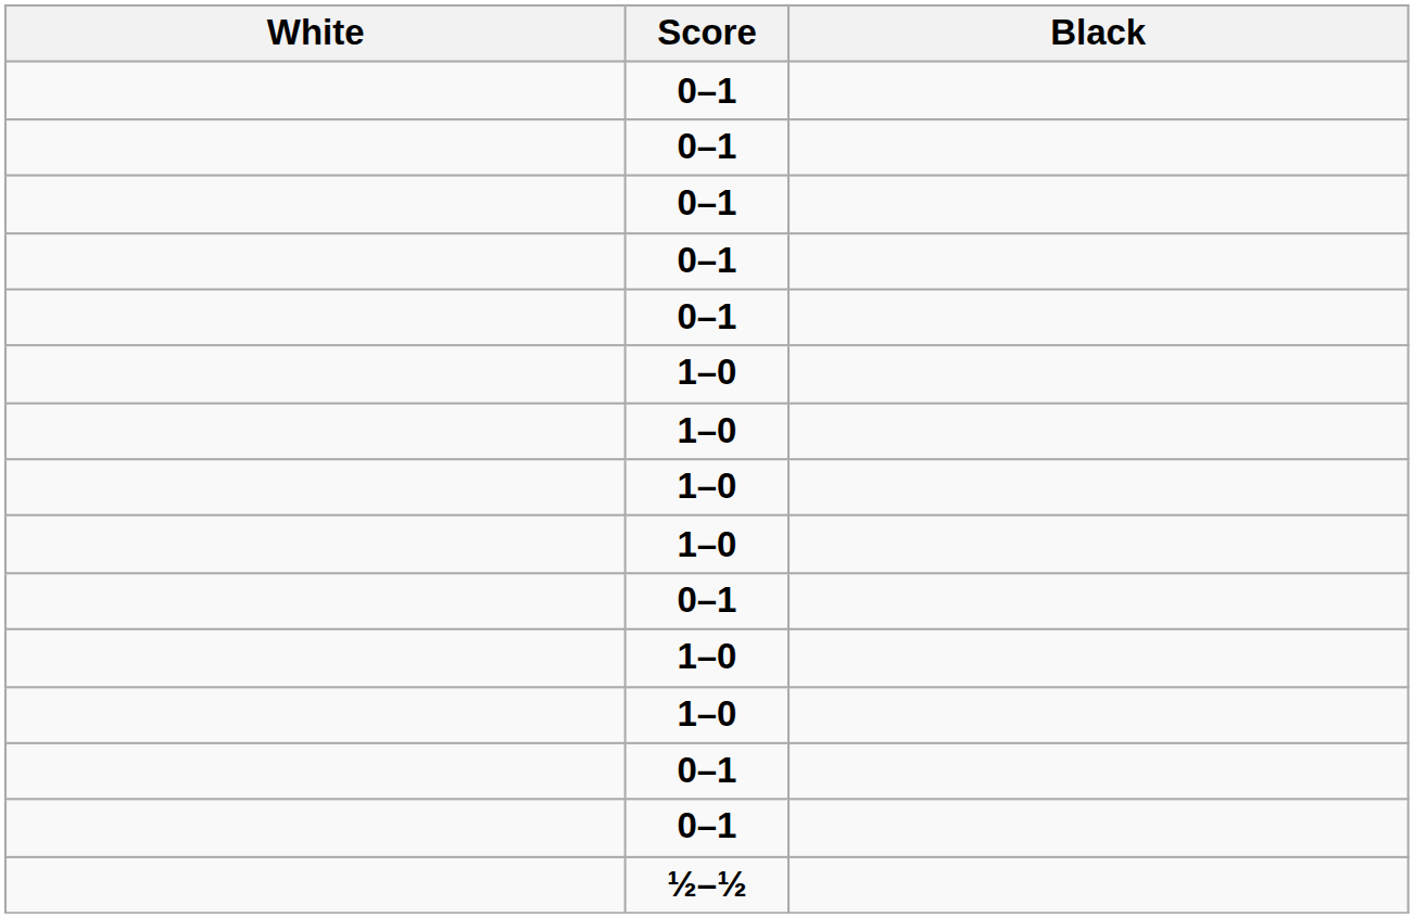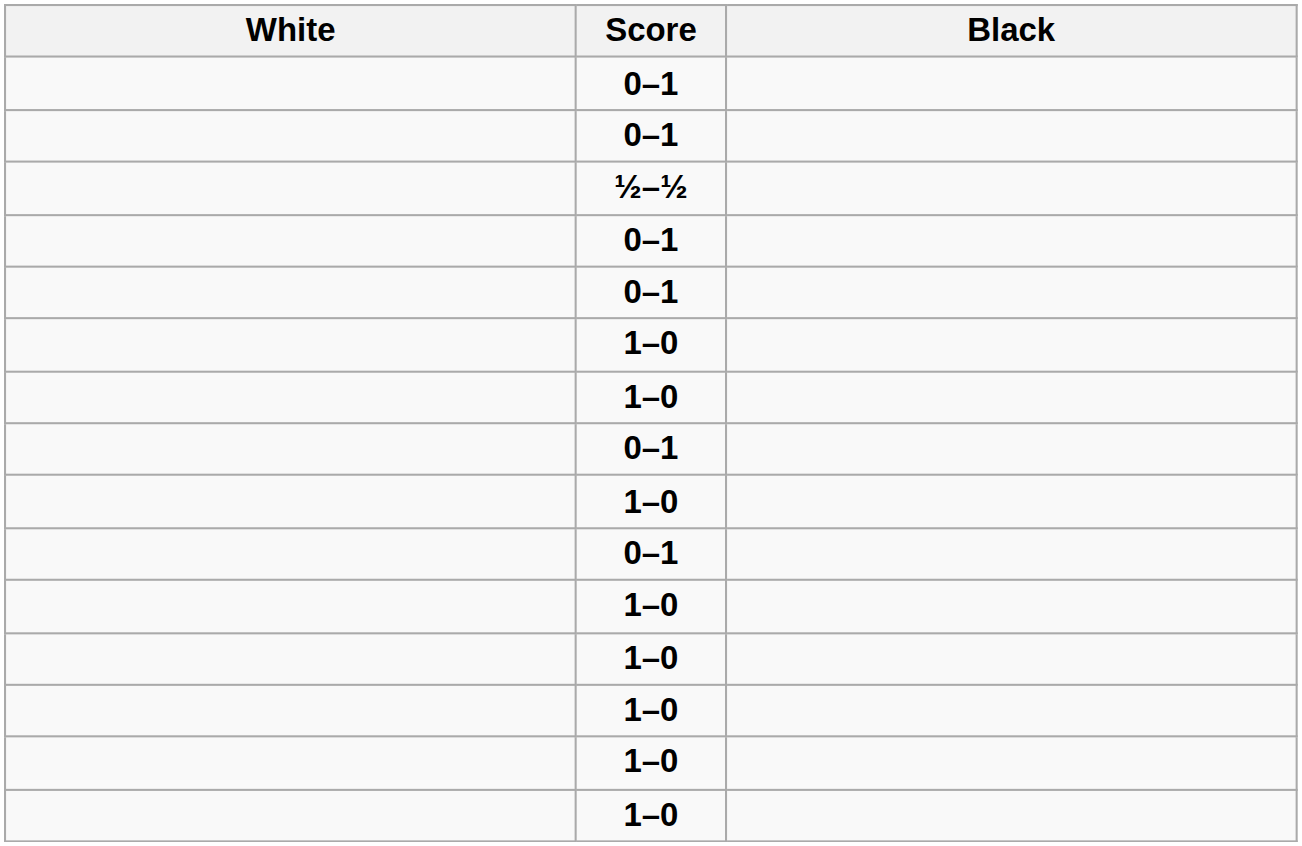 <table class="wikitable" style="text-align: center;">
 <tr>
 <th align="right" width="270">White</th>
 <th width="65">Score</th>
 <th align="left" width="270">Black</th>
 </tr>
 <tr>
 <td align=left></td>
 <td align=center><strong>0–1</strong></td>
 <td align=left><strong></strong></td>
 </tr>
 <tr>
 <td align=left></td>
 <td align=center><strong>0–1</strong></td>
 <td align=left></td>
 </tr>
 <tr>
 <td align=left></td>
-<td align=center><strong>0–1</strong></td>
+<td align=center><strong>½–½</strong></td>
 <td align=left><strong></strong></td>
 </tr>
 <tr>
 <td align=left></td>
 <td align=center><strong>0–1</strong></td>
 <td align=left><strong></strong></td>
 </tr>
 <tr>
 <td align=left></td>
 <td align=center><strong>0–1</strong></td>
 <td align=left><strong></strong></td>
 </tr>
 <tr>
 <td align=left></td>
 <td align=center><strong>1–0</strong></td>
 <td align=left><strong></strong></td>
 </tr>
 <tr>
 <td align=left><strong></strong></td>
 <td align=center><strong>1–0</strong></td>
 <td align=left></td>
 </tr>
 <tr>
 <td align=left></td>
-<td align=center><strong>1–0</strong></td>
+<td align=center><strong>0–1</strong></td>
 <td align=left><strong></strong></td>
 </tr>
 <tr>
 <td align=left><strong></strong></td>
 <td align=center><strong>1–0</strong></td>
 <td align=left></td>
 </tr>
 <tr>
 <td align=left></td>
 <td align=center><strong>0–1</strong></td>
 <td align=left><strong></strong></td>
 </tr>
 <tr>
 <td align=left><strong></strong></td>
 <td align=center><strong>1–0</strong></td>
 <td align=left></td>
 </tr>
 <tr>
 <td align=left><strong></strong></td>
 <td align=center><strong>1–0</strong></td>
 <td align=left></td>
 </tr>
 <tr>
 <td align=left><strong></strong></td>
-<td align=center><strong>0–1</strong></td>
+<td align=center><strong>1–0</strong></td>
 <td align=left></td>
 </tr>
 <tr>
 <td align=left><strong></strong></td>
-<td align=center><strong>0–1</strong></td>
+<td align=center><strong>1–0</strong></td>
 <td align=left></td>
 </tr>
 <tr>
 <td align=left></td>
-<td align=center><strong>½–½</strong></td>
+<td align=center><strong>1–0</strong></td>
 <td align=left></td>
 </tr>
 </table>
